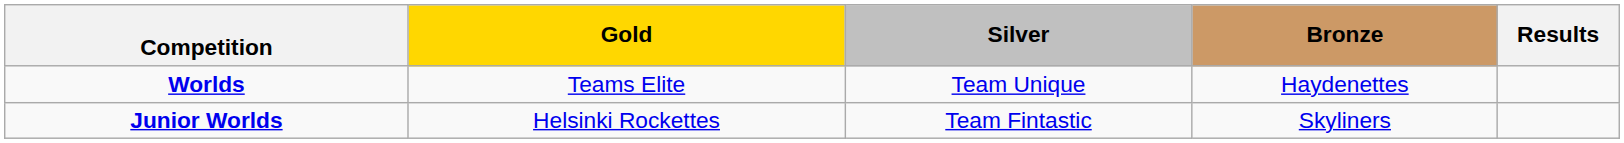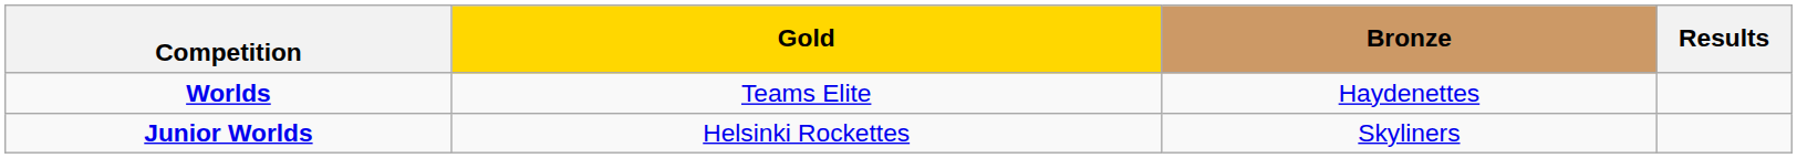 <table class="wikitable" style="text-align:center; width:90%;">
 <tr>
 <th scope="col" style="text-align:center; width:25%;"><br>Competition</th>
 <td bgcolor="gold" align="center"><strong>Gold</strong></td>
-<td bgcolor="silver" align="center"><strong>Silver</strong></td>
 <td bgcolor="cc9966" align="center"><strong>Bronze</strong></td>
 <th scope="col" style="text-align:center; width:7.5%;">Results</th>
 </tr>
 <tr>
 <td align="center"><strong><a href='#'>Worlds</a></strong></td>
 <td><a href='#'>Teams Elite</a></td>
-<td><a href='#'>Team Unique</a></td>
 <td><a href='#'>Haydenettes</a></td>
 <td align="center"></td>
 </tr>
 <tr>
 <td align="center"><a href='#'><strong>Junior Worlds</strong></a></td>
 <td><a href='#'>Helsinki Rockettes</a></td>
-<td><a href='#'>Team Fintastic</a></td>
 <td><a href='#'>Skyliners</a></td>
 <td align="center"></td>
 </tr>
 </table>
